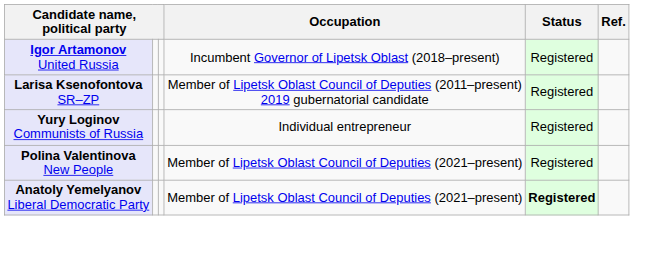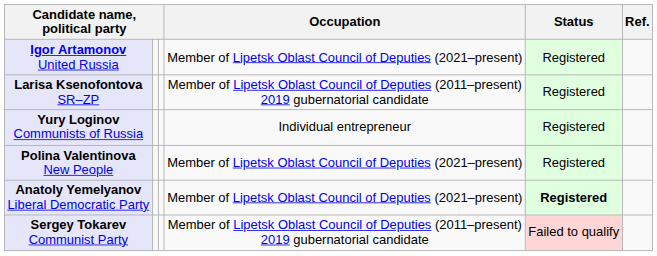 <table class="wikitable" style="text-align:center;">
 <tr>
 <th colspan="3">Candidate name,<br>political party</th>
 <th>Occupation</th>
 <th>Status</th>
 <th>Ref.</th>
 </tr>
 <tr>
 <td style="background:lavender;"><strong><a href='#'>Igor Artamonov</a></strong><br><a href='#'>United Russia</a></td>
 <td style="background-color:"></td>
 <td></td>
-<td>Incumbent <a href='#'>Governor of Lipetsk Oblast</a> (2018–present)</td>
+<td>Member of <a href='#'>Lipetsk Oblast Council of Deputies</a> (2021–present)</td>
 <td bgcolor="#DFFFDF">Registered</td>
 <td></td>
 </tr>
 <tr>
 <td style="background:lavender;"><strong>Larisa Ksenofontova</strong><br><a href='#'>SR–ZP</a></td>
 <td style="background-color:"></td>
 <td></td>
 <td>Member of <a href='#'>Lipetsk Oblast Council of Deputies</a> (2011–present)<br><a href='#'>2019</a> gubernatorial candidate</td>
 <td bgcolor="#DFFFDF">Registered</td>
 <td></td>
 </tr>
 <tr>
 <td style="background:lavender;"><strong>Yury Loginov</strong><br><a href='#'>Communists of Russia</a></td>
 <td style="background-color:"></td>
 <td></td>
 <td>Individual entrepreneur</td>
 <td bgcolor="#DFFFDF">Registered</td>
 <td></td>
 </tr>
 <tr>
 <td style="background:lavender;"><strong>Polina Valentinova</strong><br><a href='#'>New People</a></td>
 <td style="background-color:"></td>
 <td></td>
 <td>Member of <a href='#'>Lipetsk Oblast Council of Deputies</a> (2021–present)</td>
 <td bgcolor="#DFFFDF">Registered</td>
 <td></td>
 </tr>
 <tr>
 <td style="background:lavender;"><strong>Anatoly Yemelyanov</strong><br><a href='#'>Liberal Democratic Party</a></td>
 <td style="background-color:"></td>
 <td></td>
 <td>Member of <a href='#'>Lipetsk Oblast Council of Deputies</a> (2021–present)</td>
 <td bgcolor="#DFFFDF"><strong>Registered</strong></td>
 <td></td>
 </tr>
+<tr>
+<td style="background:lavender;"><strong>Sergey Tokarev</strong><br><a href='#'>Communist Party</a></td>
+<td style="background-color:"></td>
+<td></td>
+<td>Member of <a href='#'>Lipetsk Oblast Council of Deputies</a> (2011–present)<br><a href='#'>2019</a> gubernatorial candidate</td>
+<td bgcolor="#FFD5D5">Failed to qualify</td>
+<td></td>
+</tr>
 </table>
